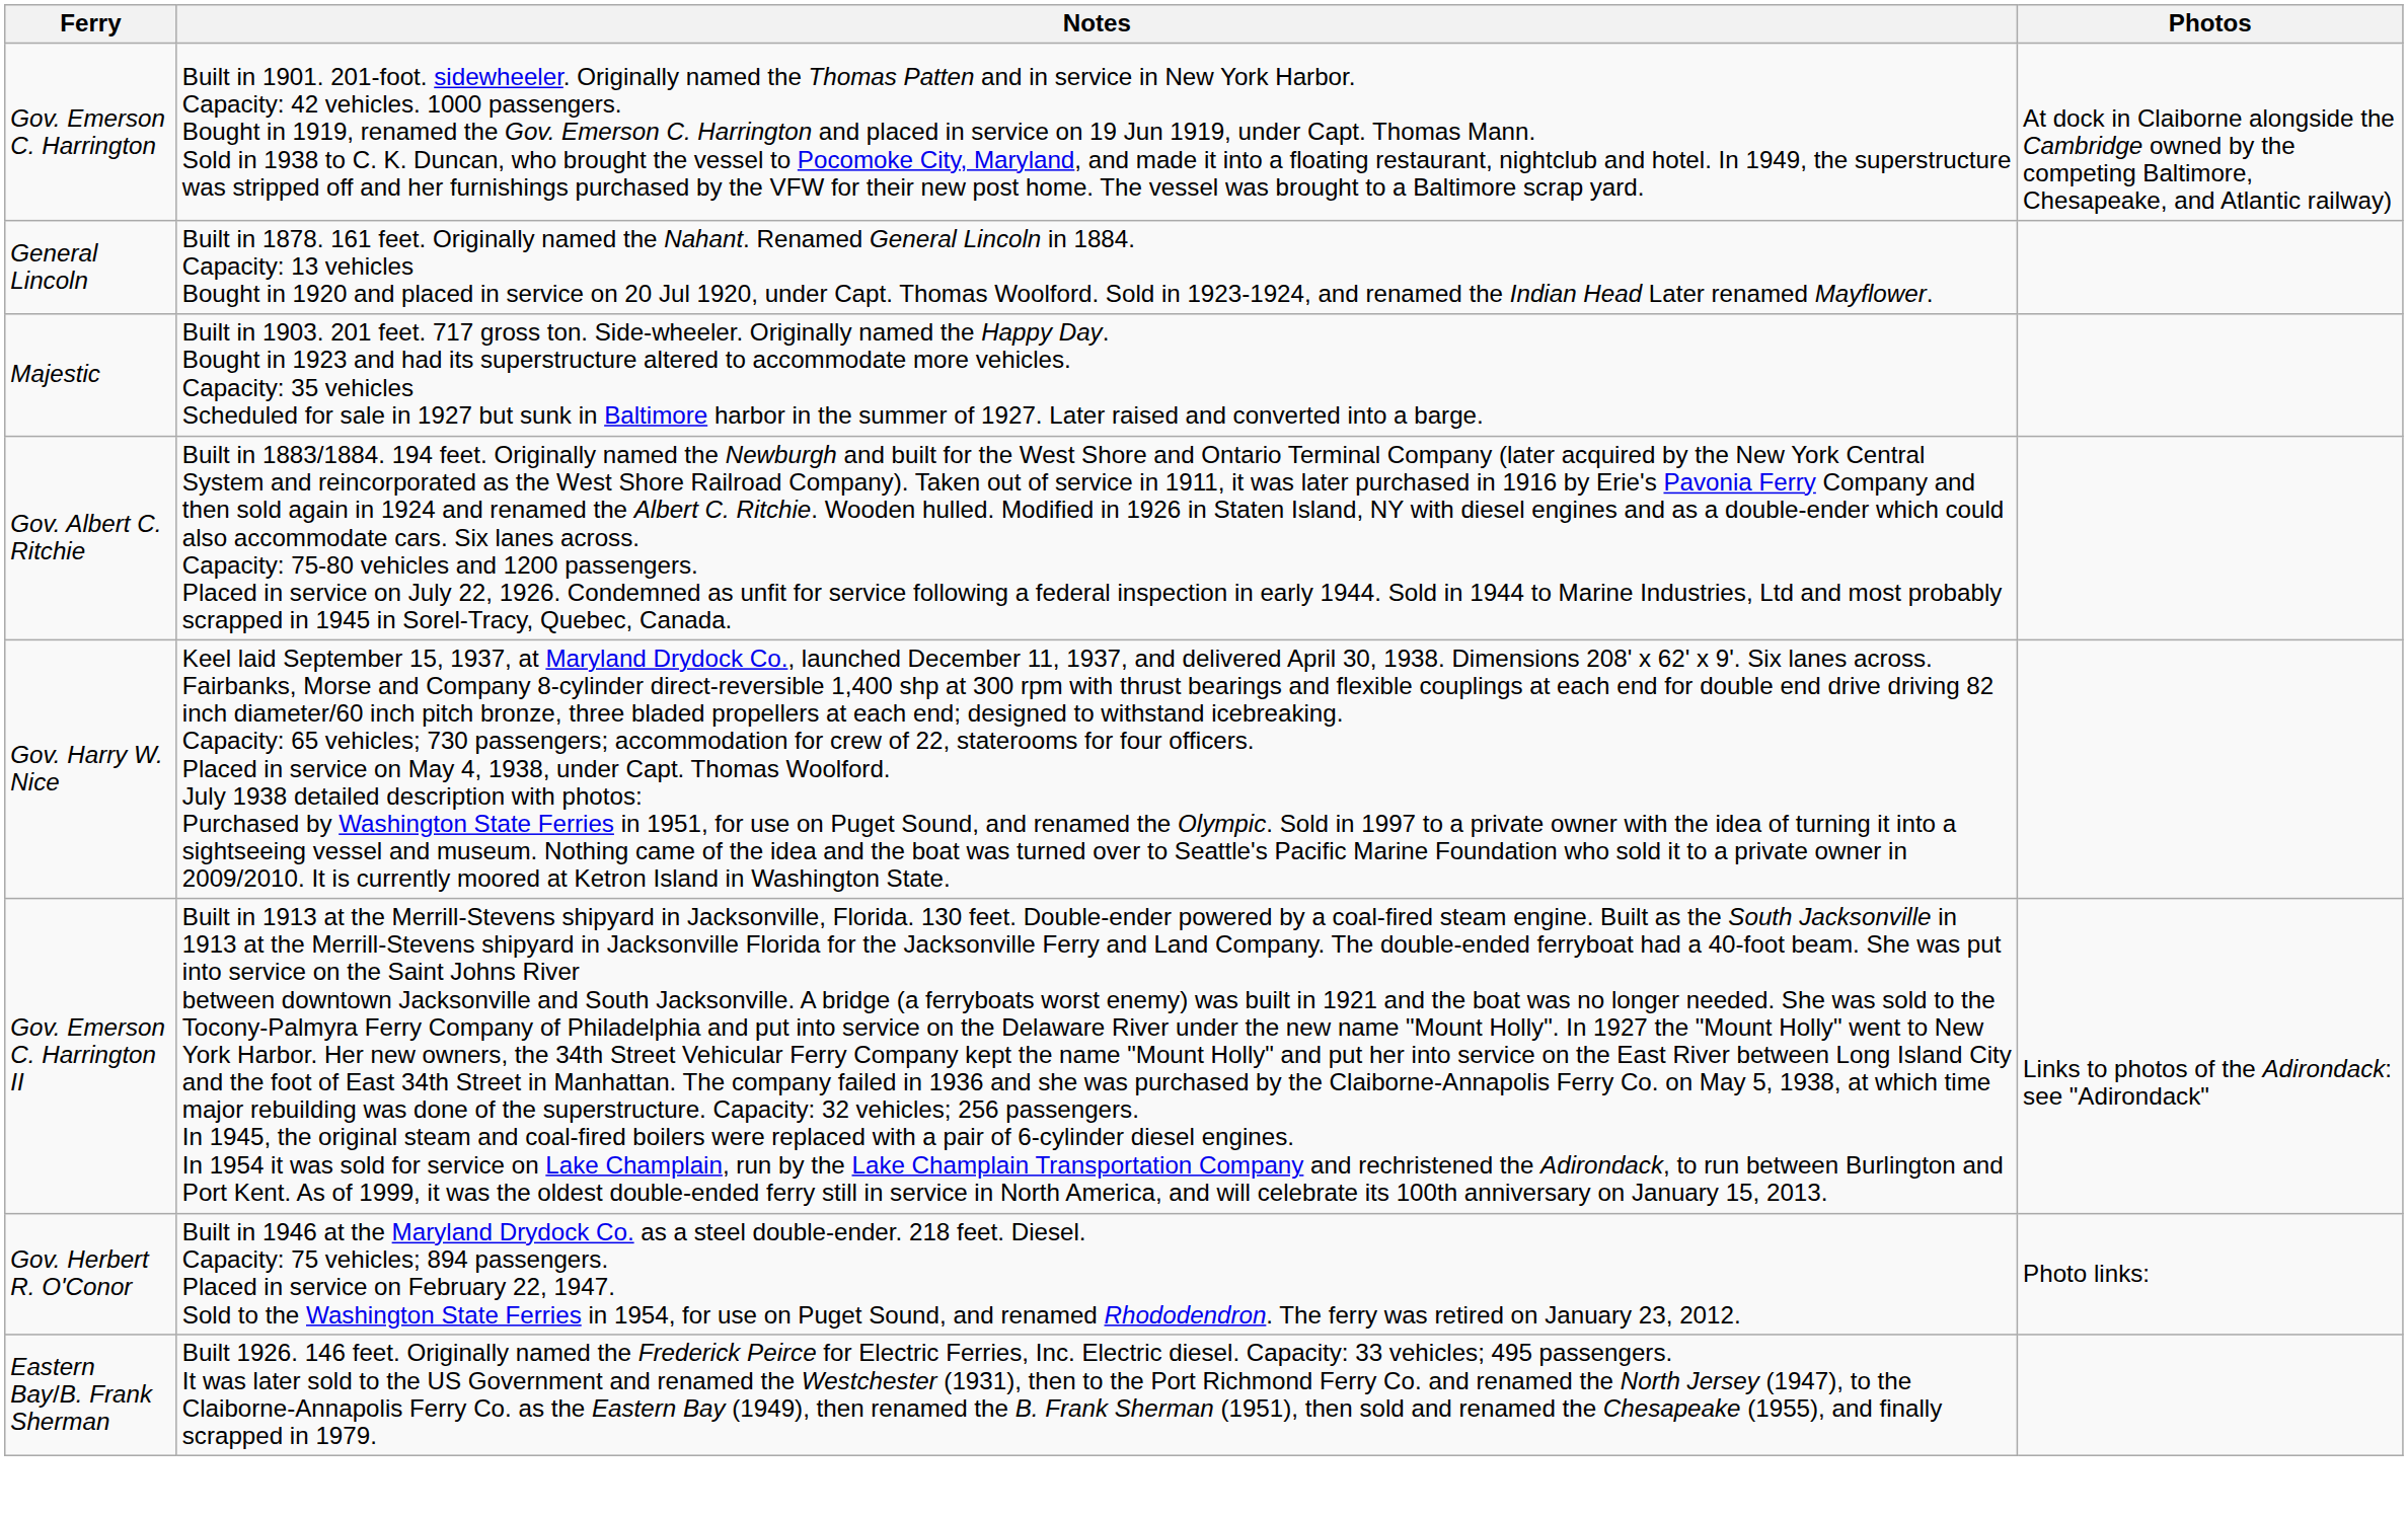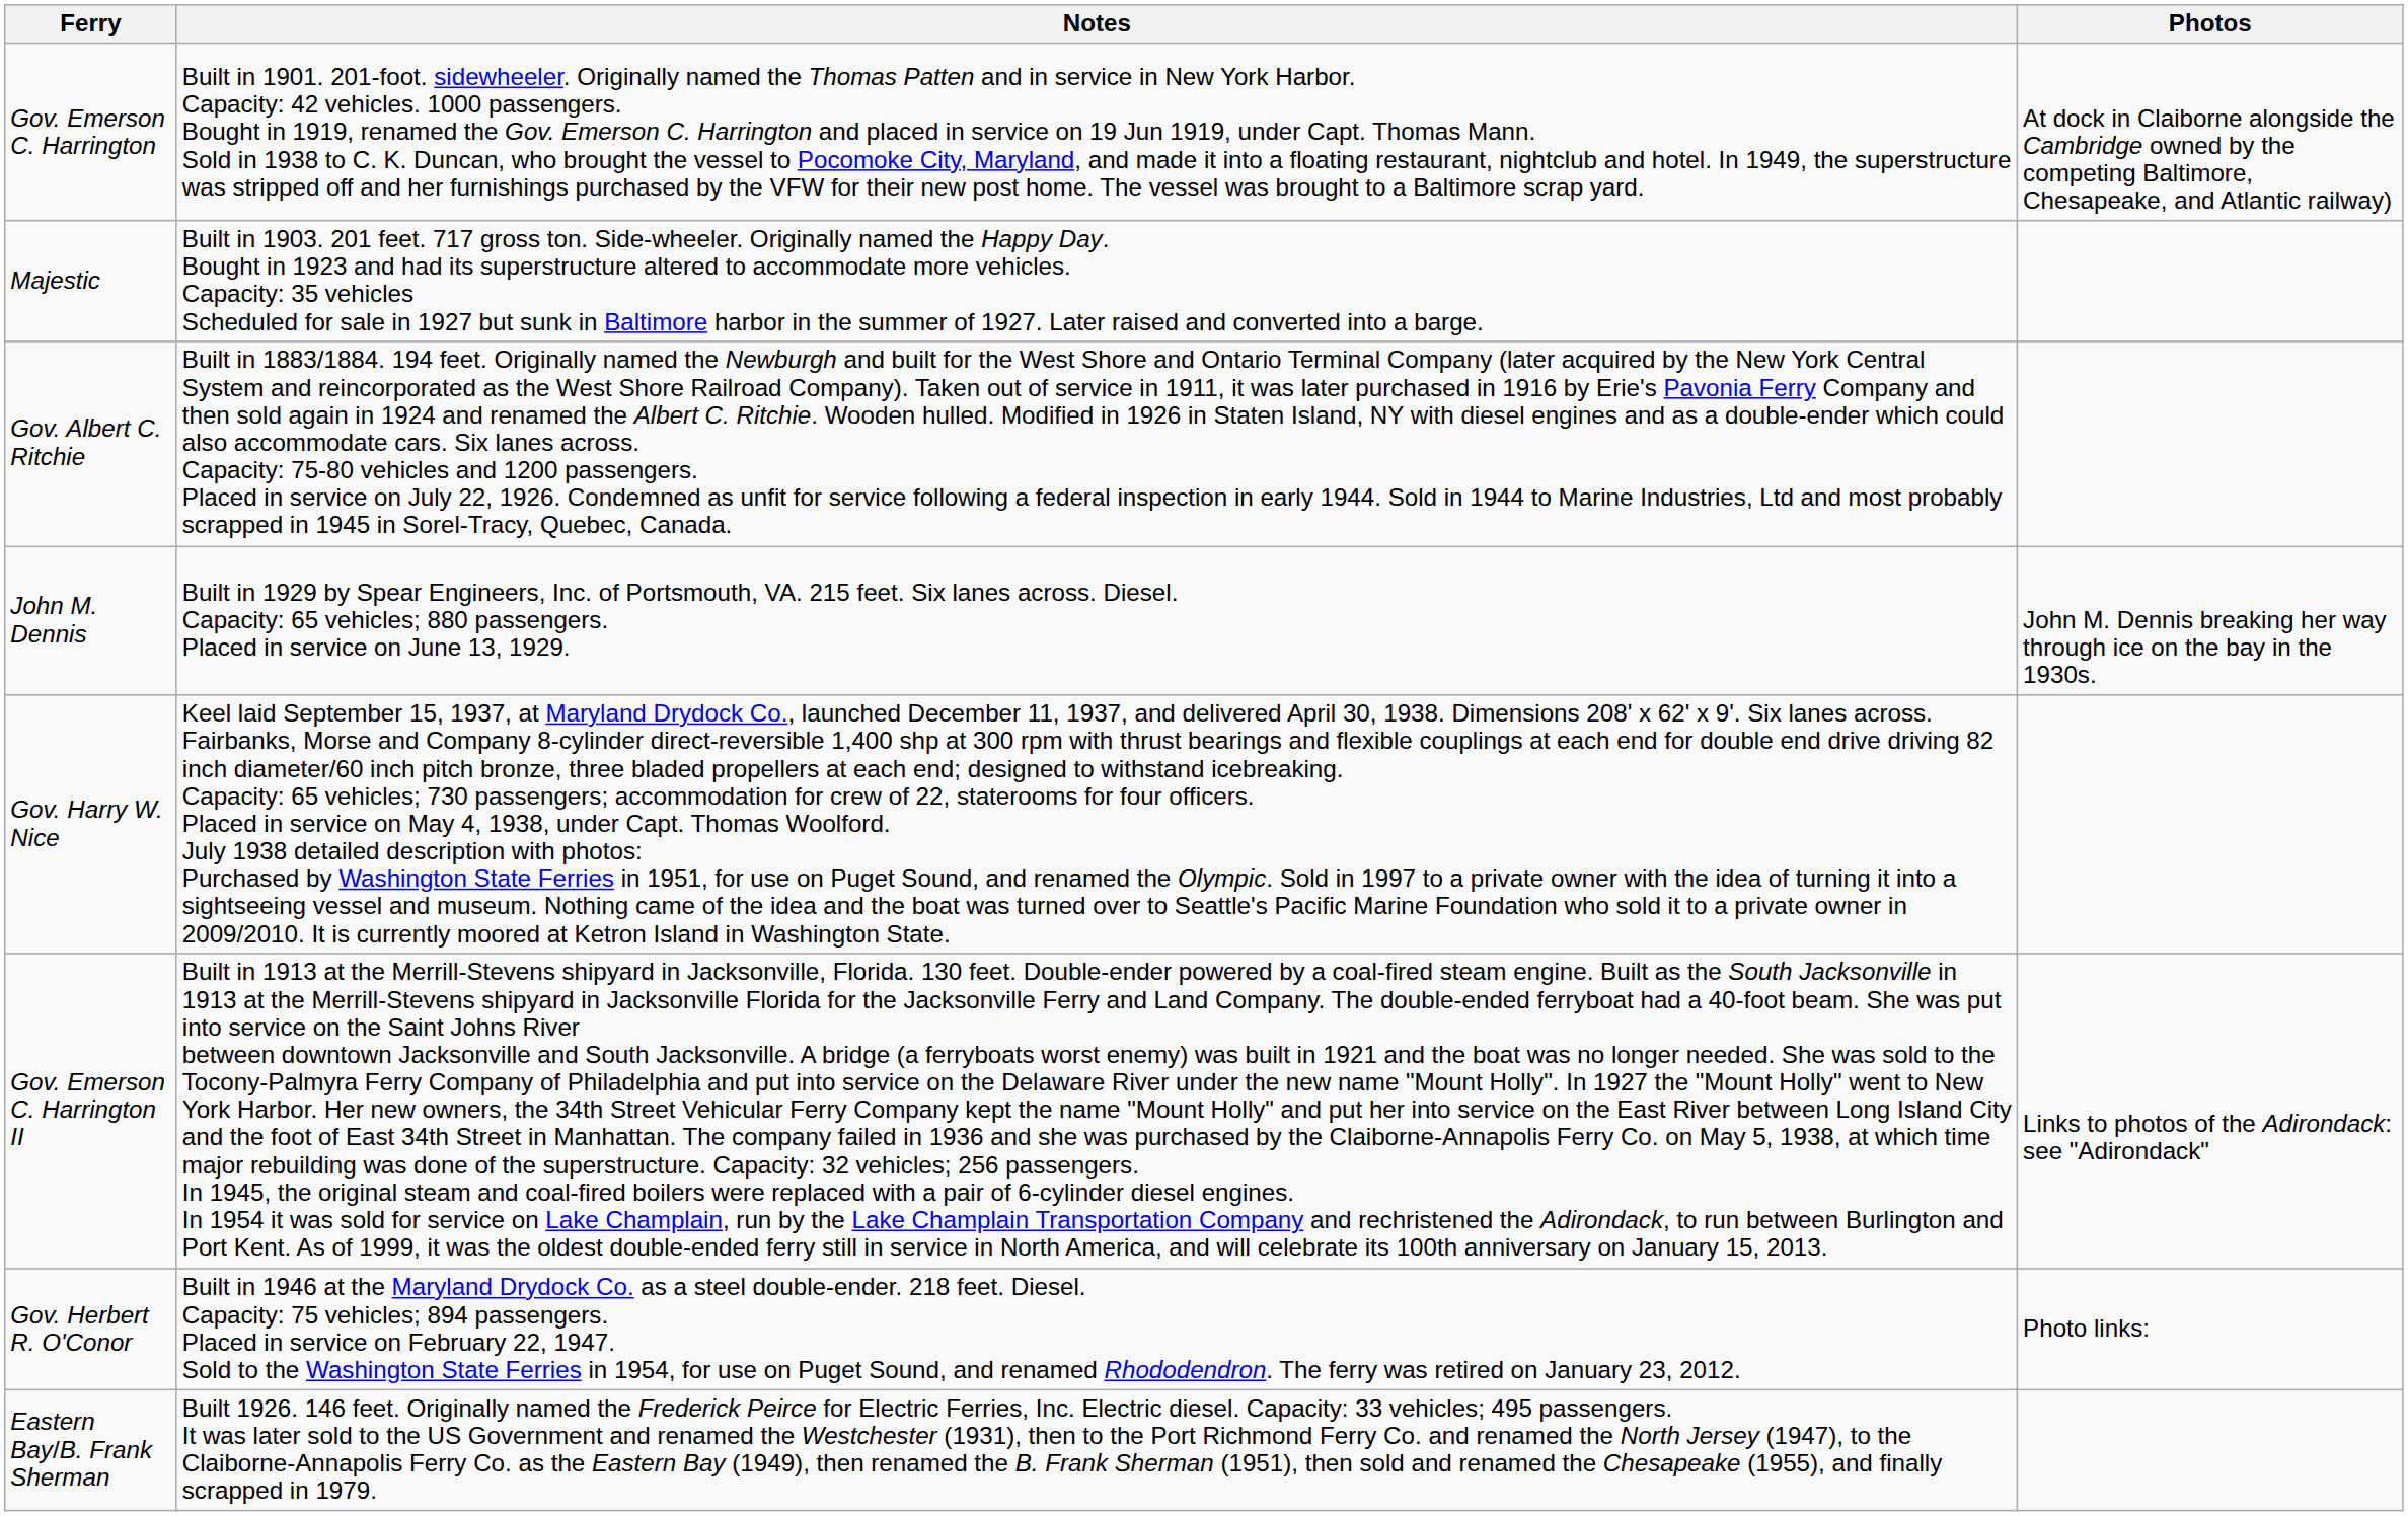 <table class="wikitable">
 <tr>
 <th>Ferry</th>
 <th>Notes</th>
 <th>Photos</th>
 </tr>
 <tr>
 <td><em>Gov. Emerson C. Harrington</em></td>
 <td>Built in 1901. 201-foot. <a href='#'>sidewheeler</a>. Originally named the <em>Thomas Patten</em> and in service in New York Harbor.<br>Capacity: 42 vehicles. 1000 passengers.<br>Bought in 1919, renamed the <em>Gov. Emerson C. Harrington</em> and placed in service on 19 Jun 1919, under Capt. Thomas Mann.<br>Sold in 1938 to C. K. Duncan, who brought the vessel to <a href='#'>Pocomoke City, Maryland</a>, and made it into a floating restaurant, nightclub and hotel. In 1949, the superstructure was stripped off and her furnishings purchased by the VFW for their new post home. The vessel was brought to a Baltimore scrap yard.</td>
 <td><br> <br> At dock in Claiborne alongside the <em>Cambridge</em> owned by the competing Baltimore, Chesapeake, and Atlantic railway)<br></td>
 </tr>
 <tr>
-<td><em>General Lincoln</em></td>
-<td>Built in 1878. 161 feet. Originally named the <em>Nahant</em>. Renamed <em>General Lincoln</em> in 1884.<br>Capacity: 13 vehicles<br>Bought in 1920 and placed in service on 20 Jul 1920, under Capt. Thomas Woolford. Sold in 1923-1924, and renamed the <em>Indian Head</em> Later renamed <em>Mayflower</em>.</td>
-<td></td>
-</tr>
-<tr>
 <td><em>Majestic</em></td>
 <td>Built in 1903. 201 feet. 717 gross ton. Side-wheeler. Originally named the <em>Happy Day</em>.<br>Bought in 1923 and had its superstructure altered to accommodate more vehicles.<br>Capacity: 35 vehicles<br>Scheduled for sale in 1927 but sunk in <a href='#'>Baltimore</a> harbor in the summer of 1927.  Later raised and converted into a barge.</td>
 <td><br></td>
 </tr>
 <tr>
 <td><em>Gov. Albert C. Ritchie</em></td>
 <td>Built in 1883/1884. 194 feet. Originally named the <em>Newburgh</em> and built for the West Shore and Ontario Terminal Company (later acquired by the New York Central System and reincorporated as the West Shore Railroad Company). Taken out of service in 1911, it was later purchased in 1916 by Erie's <a href='#'>Pavonia Ferry</a> Company and then sold again in 1924 and renamed the <em>Albert C. Ritchie</em>. Wooden hulled. Modified in 1926 in Staten Island, NY with diesel engines and as a double-ender which could also accommodate cars. Six lanes across.<br>Capacity: 75-80 vehicles and 1200 passengers.<br>Placed in service on July 22, 1926. Condemned as unfit for service following a federal inspection in early 1944. Sold in 1944 to Marine Industries, Ltd and most probably scrapped in 1945 in Sorel-Tracy, Quebec, Canada.</td>
 <td></td>
+</tr>
+<tr>
+<td><em>John M. Dennis</em></td>
+<td>Built in 1929 by Spear Engineers, Inc. of Portsmouth, VA. 215 feet. Six lanes across. Diesel.<br>Capacity: 65 vehicles; 880 passengers.<br>Placed in service on June 13, 1929.</td>
+<td><br><br> John M. Dennis breaking her way through ice on the bay in the 1930s.</td>
 </tr>
 <tr>
 <td><em>Gov. Harry W. Nice</em></td>
 <td>Keel laid September 15, 1937, at <a href='#'>Maryland Drydock Co.</a>, launched December 11, 1937, and delivered April 30, 1938. Dimensions 208' x 62' x 9'. Six lanes across. Fairbanks, Morse and Company 8-cylinder direct-reversible 1,400 shp at 300 rpm with thrust bearings and flexible couplings at each end for double end drive driving 82 inch diameter/60 inch pitch bronze, three bladed propellers at each end; designed to withstand icebreaking.<br>Capacity: 65 vehicles; 730 passengers; accommodation for crew of 22, staterooms for four officers.<br>Placed in service on May 4, 1938, under Capt. Thomas Woolford.<br>July 1938 detailed description with photos: <br>Purchased by <a href='#'>Washington State Ferries</a> in 1951, for use on Puget Sound, and renamed the <em>Olympic</em>. Sold in 1997 to a private owner with the idea of turning it into a sightseeing vessel and museum. Nothing came of the idea and the boat was turned over to Seattle's Pacific Marine Foundation who sold it to a private owner in 2009/2010. It is currently moored at Ketron Island in Washington State.</td>
 <td><br></td>
 </tr>
 <tr>
 <td><em>Gov. Emerson C. Harrington II</em></td>
 <td>Built in 1913 at the Merrill-Stevens shipyard in Jacksonville, Florida. 130 feet. Double-ender powered by a coal-fired steam engine. Built as the <em>South Jacksonville</em> in 1913 at the Merrill-Stevens shipyard in Jacksonville Florida for the Jacksonville Ferry and Land Company. The double-ended ferryboat had a 40-foot beam. She was put into service on the Saint Johns River<br>between downtown Jacksonville and South Jacksonville. A bridge (a ferryboats worst enemy) was built in 1921 and the boat was no longer needed. She was sold to the Tocony-Palmyra Ferry Company of Philadelphia and put into service on the Delaware River under the new name "Mount Holly". In 1927 the "Mount Holly" went to New York Harbor. Her new owners, the 34th Street Vehicular Ferry Company kept the name "Mount Holly" and put her into service on the East River between Long Island City and the foot of East 34th Street in Manhattan. The company failed in 1936 and she was purchased by the Claiborne-Annapolis Ferry Co. on May 5, 1938, at which time major rebuilding was done of the superstructure. Capacity: 32 vehicles; 256 passengers.<br>In 1945, the original steam and coal-fired boilers were replaced with a pair of 6-cylinder diesel engines.<br>In 1954 it was sold for service on <a href='#'>Lake Champlain</a>, run by the <a href='#'>Lake Champlain Transportation Company</a> and rechristened the <em>Adirondack</em>, to run between Burlington and Port Kent. As of 1999, it was the oldest double-ended ferry still in service in North America, and will celebrate its 100th anniversary on January 15, 2013.</td>
 <td><br><br>Links to photos of the <em>Adirondack</em>:    see "Adirondack" </td>
 </tr>
 <tr>
 <td><em>Gov. Herbert R. O'Conor</em></td>
 <td>Built in 1946 at the <a href='#'>Maryland Drydock Co.</a> as a steel double-ender. 218 feet. Diesel.<br>Capacity: 75 vehicles; 894 passengers.<br>Placed in service on February 22, 1947.<br>Sold to the <a href='#'>Washington State Ferries</a> in 1954, for use on Puget Sound, and renamed <a href='#'><em>Rhododendron</em></a>. The ferry was retired on January 23, 2012.</td>
 <td>Photo links:    </td>
 </tr>
 <tr>
 <td><em>Eastern Bay</em>/<em>B. Frank Sherman</em></td>
 <td>Built 1926. 146 feet. Originally named the <em>Frederick Peirce</em> for Electric Ferries, Inc. Electric diesel. Capacity: 33 vehicles; 495 passengers.<br>It was later sold to the US Government and renamed the <em>Westchester</em> (1931), then to the Port Richmond Ferry Co. and renamed the <em>North Jersey</em> (1947), to the Claiborne-Annapolis Ferry Co. as the <em>Eastern Bay</em> (1949), then renamed the <em>B. Frank Sherman</em> (1951), then sold and renamed the <em>Chesapeake</em> (1955), and finally scrapped in 1979.</td>
 <td></td>
 </tr>
 </table>
